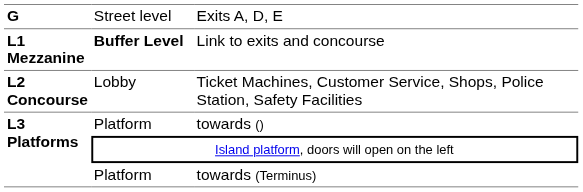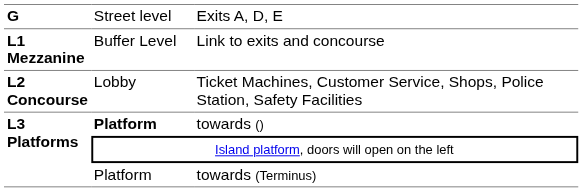 <table table border=0 cellspacing=0 cellpadding=3>
 <tr>
 <td style="border-top:solid 1px gray;" width=50 valign=top><strong>G</strong></td>
 <td style="border-top:solid 1px gray;" width=100 valign=top>Street level</td>
 <td style="border-top:solid 1px gray;" width=390 valign=top>Exits A, D, E</td>
 </tr>
 <tr>
 <td style="border-bottom:solid 1px gray; border-top:solid 1px gray;" valign=top><strong>L1<br>Mezzanine</strong></td>
-<td style="border-bottom:solid 1px gray; border-top:solid 1px gray;" valign=top><strong>Buffer Level</strong></td>
+<td style="border-bottom:solid 1px gray; border-top:solid 1px gray;" valign=top>Buffer Level</td>
 <td style="border-bottom:solid 1px gray; border-top:solid 1px gray;" valign=top>Link to exits and concourse</td>
 </tr>
 <tr>
 <td style="border-bottom:solid 1px gray;" valign=top><strong>L2<br>Concourse</strong></td>
 <td style="border-bottom:solid 1px gray;" valign=top>Lobby</td>
 <td style="border-bottom:solid 1px gray;" valign=top>Ticket Machines, Customer Service, Shops, Police Station, Safety Facilities</td>
 </tr>
 <tr>
 <td style="border-bottom:solid 1px gray;" valign=top width=50 rowspan=3><strong>L3<br>Platforms</strong></td>
-<td>Platform </td>
+<td><strong>Platform </strong></td>
 <td>  towards  <small>()</small></td>
 </tr>
 <tr>
 <td style="border-top:solid 2px black;border-right:solid 2px black;border-left:solid 2px black;border-bottom:solid 2px black;text-align:center;" colspan=2><small><a href='#'>Island platform</a>, doors will open on the left</small></td>
 </tr>
 <tr>
 <td style="border-bottom:solid 1px gray;">Platform </td>
 <td style="border-bottom:solid 1px gray;"> towards  <small>(Terminus)</small> </td>
 </tr>
 </table>
